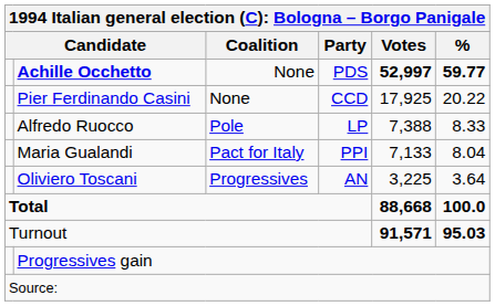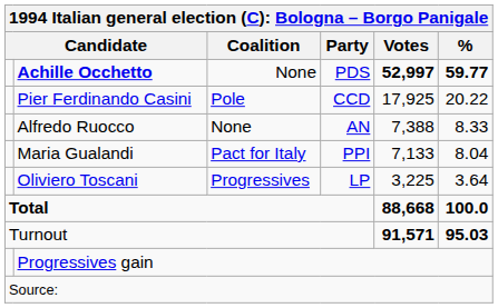 <table class=wikitable style="text-align:right">
 <tr>
 <th colspan=6>1994 Italian general election (<a href='#'>C</a>): <a href='#'>Bologna – Borgo Panigale</a></th>
 </tr>
 <tr>
 <th colspan=2>Candidate</th>
 <th>Coalition</th>
 <th>Party</th>
 <th>Votes</th>
 <th>%</th>
 </tr>
 <tr>
 <td></td>
 <td align=left><strong><a href='#'>Achille Occhetto</a></strong></td>
 <td>None</td>
 <td><a href='#'>PDS</a></td>
 <td><strong>52,997</strong></td>
 <td><strong>59.77</strong></td>
 </tr>
 <tr>
 <td></td>
 <td align=left><a href='#'>Pier Ferdinando Casini</a></td>
-<td align=left>None</td>
+<td align=left><a href='#'>Pole</a></td>
 <td><a href='#'>CCD</a></td>
 <td>17,925</td>
 <td>20.22</td>
 </tr>
 <tr>
 <td></td>
 <td align=left>Alfredo Ruocco</td>
-<td align=left><a href='#'>Pole</a></td>
-<td><a href='#'>LP</a></td>
+<td align=left>None</td>
+<td><a href='#'>AN</a></td>
 <td>7,388</td>
 <td>8.33</td>
 </tr>
 <tr>
 <td></td>
 <td align=left>Maria Gualandi</td>
 <td align=left><a href='#'>Pact for Italy</a></td>
 <td><a href='#'>PPI</a></td>
 <td>7,133</td>
 <td>8.04</td>
 </tr>
 <tr>
 <td></td>
 <td align=left><a href='#'>Oliviero Toscani</a></td>
 <td align=left><a href='#'>Progressives</a></td>
-<td><a href='#'>AN</a></td>
+<td><a href='#'>LP</a></td>
 <td>3,225</td>
 <td>3.64</td>
 </tr>
 <tr>
 <td align=left colspan=4><strong>Total</strong></td>
 <td><strong>88,668</strong></td>
 <td><strong>100.0</strong></td>
 </tr>
 <tr>
 <td align=left colspan=4>Turnout</td>
 <td><strong>91,571</strong></td>
 <td><strong>95.03</strong></td>
 </tr>
 <tr>
 <td></td>
 <td align=left colspan=5><a href='#'>Progressives</a> gain</td>
 </tr>
 <tr>
 <td align=left colspan=6><small>Source: </small></td>
 </tr>
 </table>
